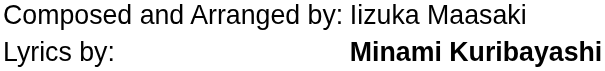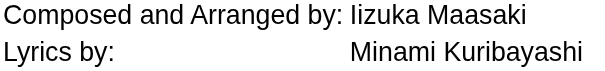 <table>
 <tr>
 <td>Composed and Arranged by:</td>
 <td>Iizuka Maasaki</td>
 </tr>
 <tr>
 <td>Lyrics by:</td>
-<td><strong>Minami Kuribayashi</strong></td>
+<td>Minami Kuribayashi</td>
 </tr>
 <tr>
 </tr>
 </table>
